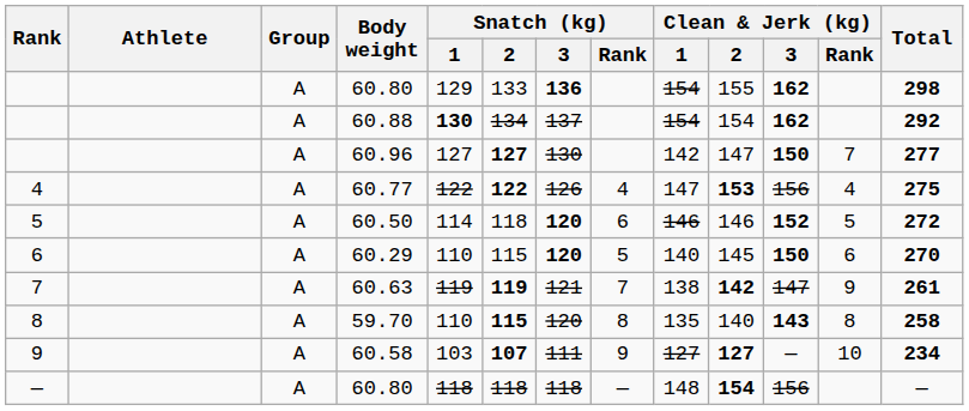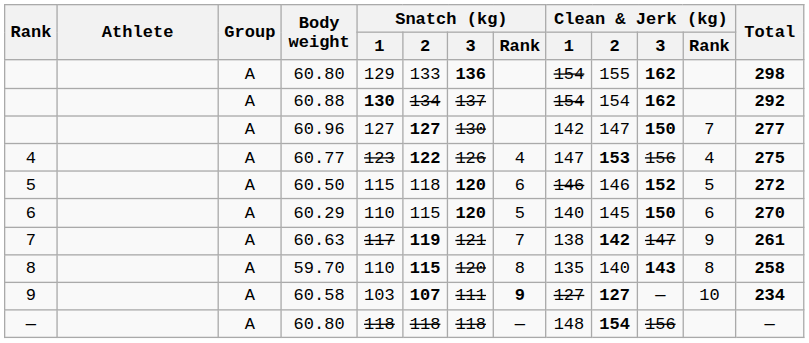 <table class = "wikitable" style="text-align:center;">
 <tr>
 <th rowspan=2 width=40>Rank</th>
 <th rowspan=2 width=250>Athlete</th>
 <th rowspan=2 width=50>Group</th>
 <th rowspan=2 width=60>Body weight</th>
 <th colspan=4>Snatch (kg)</th>
 <th colspan=4>Clean & Jerk (kg)</th>
 <th rowspan=2 width=60>Total</th>
 </tr>
 <tr>
 <th width=40>1</th>
 <th width=40>2</th>
 <th width=40>3</th>
 <th width=40>Rank</th>
 <th width=40>1</th>
 <th width=40>2</th>
 <th width=40>3</th>
 <th width=40>Rank</th>
 </tr>
 <tr>
 <td></td>
 <td align=left></td>
 <td>A</td>
 <td>60.80</td>
 <td>129</td>
 <td>133</td>
 <td><strong>136</strong></td>
 <td></td>
 <td><s>154</s></td>
 <td>155</td>
 <td><strong>162</strong></td>
 <td></td>
 <td><strong>298</strong></td>
 </tr>
 <tr>
 <td></td>
 <td align=left></td>
 <td>A</td>
 <td>60.88</td>
 <td><strong>130</strong></td>
 <td><s>134</s></td>
 <td><s>137</s></td>
 <td></td>
 <td><s>154</s></td>
 <td>154</td>
 <td><strong>162</strong></td>
 <td></td>
 <td><strong>292</strong></td>
 </tr>
 <tr>
 <td></td>
 <td align=left></td>
 <td>A</td>
 <td>60.96</td>
 <td>127</td>
 <td><strong>127</strong></td>
 <td><s>130</s></td>
 <td></td>
 <td>142</td>
 <td>147</td>
 <td><strong>150</strong></td>
 <td>7</td>
 <td><strong>277</strong></td>
 </tr>
 <tr>
 <td>4</td>
 <td align=left></td>
 <td>A</td>
 <td>60.77</td>
-<td><s>122</s></td>
+<td><s>123</s></td>
 <td><strong>122</strong></td>
 <td><s>126</s></td>
 <td>4</td>
 <td>147</td>
 <td><strong>153</strong></td>
 <td><s>156</s></td>
 <td>4</td>
 <td><strong>275</strong></td>
 </tr>
 <tr>
 <td>5</td>
 <td align=left></td>
 <td>A</td>
 <td>60.50</td>
-<td>114</td>
+<td>115</td>
 <td>118</td>
 <td><strong>120</strong></td>
 <td>6</td>
 <td><s>146</s></td>
 <td>146</td>
 <td><strong>152</strong></td>
 <td>5</td>
 <td><strong>272</strong></td>
 </tr>
 <tr>
 <td>6</td>
 <td align=left></td>
 <td>A</td>
 <td>60.29</td>
 <td>110</td>
 <td>115</td>
 <td><strong>120</strong></td>
 <td>5</td>
 <td>140</td>
 <td>145</td>
 <td><strong>150</strong></td>
 <td>6</td>
 <td><strong>270</strong></td>
 </tr>
 <tr>
 <td>7</td>
 <td align=left></td>
 <td>A</td>
 <td>60.63</td>
-<td><s>119</s></td>
+<td><s>117</s></td>
 <td><strong>119</strong></td>
 <td><s>121</s></td>
 <td>7</td>
 <td>138</td>
 <td><strong>142</strong></td>
 <td><s>147</s></td>
 <td>9</td>
 <td><strong>261</strong></td>
 </tr>
 <tr>
 <td>8</td>
 <td align=left></td>
 <td>A</td>
 <td>59.70</td>
 <td>110</td>
 <td><strong>115</strong></td>
 <td><s>120</s></td>
 <td>8</td>
 <td>135</td>
 <td>140</td>
 <td><strong>143</strong></td>
 <td>8</td>
 <td><strong>258</strong></td>
 </tr>
 <tr>
 <td>9</td>
 <td align=left></td>
 <td>A</td>
 <td>60.58</td>
 <td>103</td>
 <td><strong>107</strong></td>
 <td><s>111</s></td>
-<td>9</td>
+<td><strong>9</strong></td>
 <td><s>127</s></td>
 <td><strong>127</strong></td>
 <td>—</td>
 <td>10</td>
 <td><strong>234</strong></td>
 </tr>
 <tr>
 <td>—</td>
 <td align=left></td>
 <td>A</td>
 <td>60.80</td>
 <td><s>118</s></td>
 <td><s>118</s></td>
 <td><s>118</s></td>
 <td>—</td>
 <td>148</td>
 <td><strong>154</strong></td>
 <td><s>156</s></td>
 <td></td>
 <td>—</td>
 </tr>
 </table>
